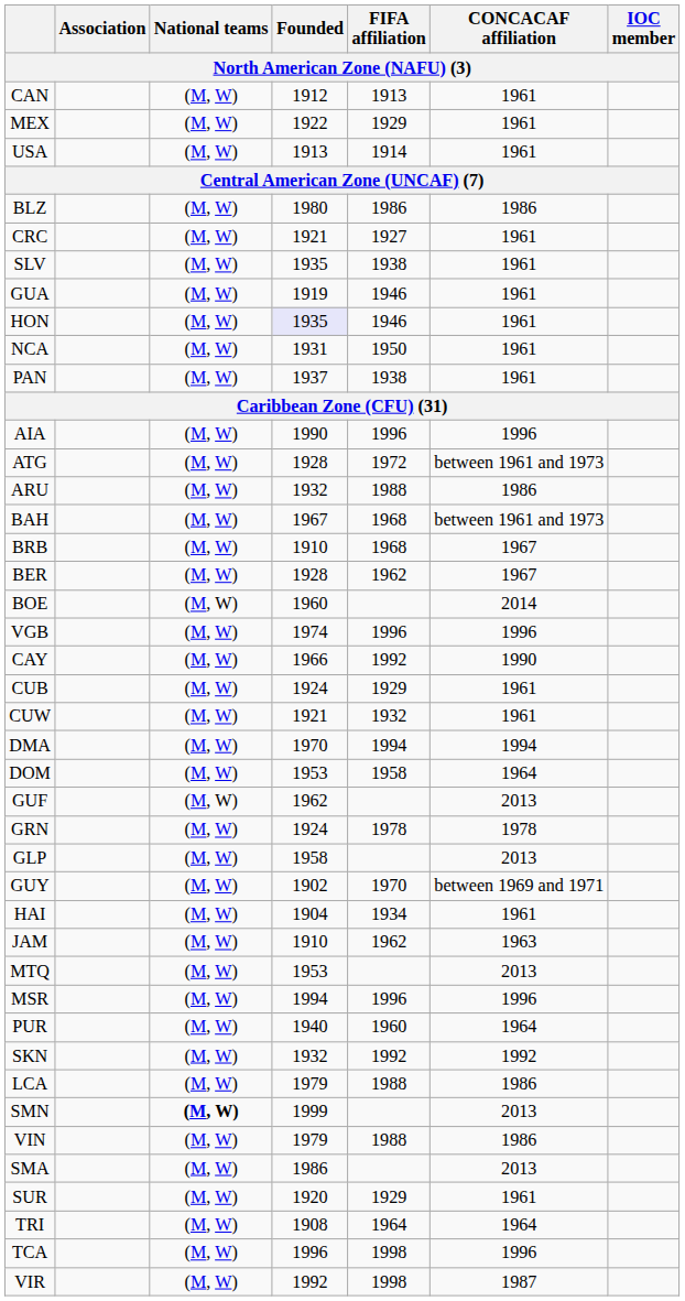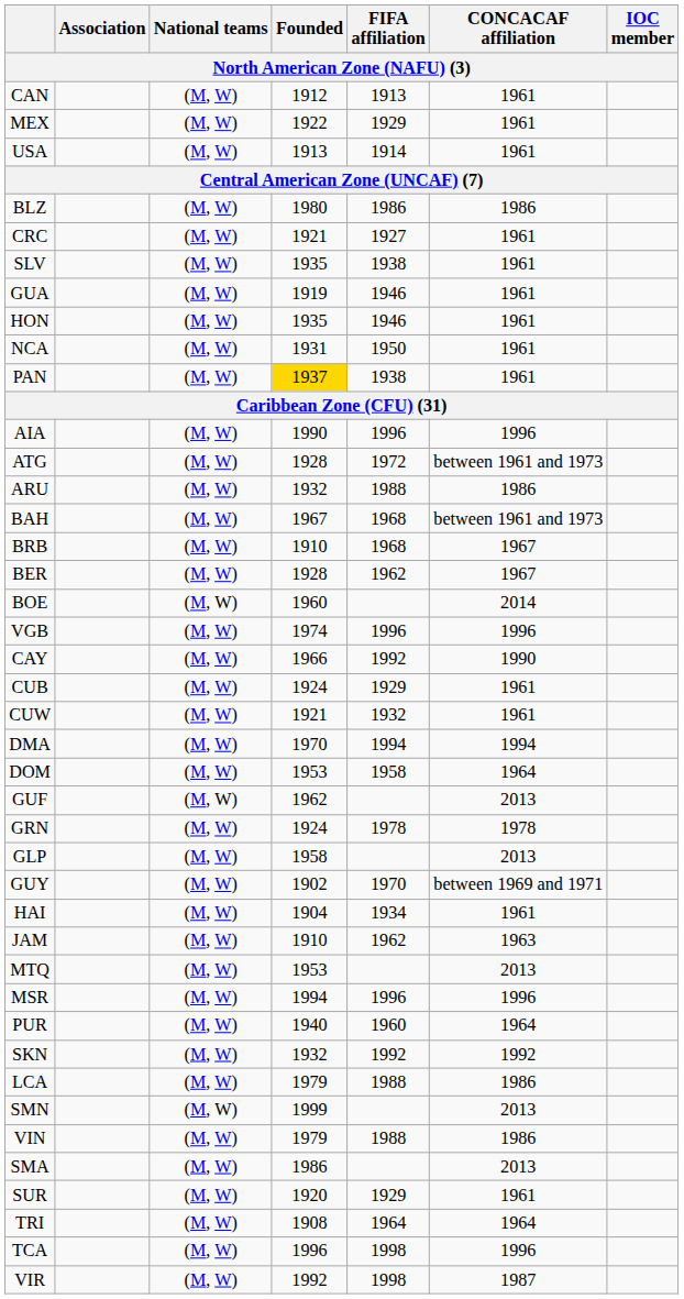 <table class="wikitable sortable" style="text-align:center;">
 <tr>
 <th><a href='#'></a></th>
 <th>Association</th>
 <th class="unsortable">National teams</th>
 <th>Founded</th>
 <th>FIFA <br> affiliation</th>
 <th>CONCACAF <br> affiliation</th>
 <th><a href='#'>IOC</a> <br> member</th>
 </tr>
 <tr>
 <th colspan="8"><a href='#'>North American Zone (NAFU)</a> (3)</th>
 </tr>
 <tr>
 <td>CAN</td>
 <td style="text-align:left;"></td>
 <td>(<a href='#'>M</a>, <a href='#'>W</a>)</td>
 <td>1912</td>
 <td>1913</td>
 <td>1961</td>
 <td></td>
 </tr>
 <tr>
 <td>MEX</td>
 <td style="text-align:left;"></td>
 <td>(<a href='#'>M</a>, <a href='#'>W</a>)</td>
 <td>1922</td>
 <td>1929</td>
 <td>1961</td>
 <td></td>
 </tr>
 <tr>
 <td>USA</td>
 <td style="text-align:left;"></td>
 <td>(<a href='#'>M</a>, <a href='#'>W</a>)</td>
 <td>1913</td>
 <td>1914</td>
 <td>1961</td>
 <td></td>
 </tr>
 <tr>
 <th colspan="8"><a href='#'>Central American Zone (UNCAF)</a> (7)</th>
 </tr>
 <tr>
 <td>BLZ</td>
 <td style="text-align:left;"></td>
 <td>(<a href='#'>M</a>, <a href='#'>W</a>)</td>
 <td>1980</td>
 <td>1986</td>
 <td>1986</td>
 <td></td>
 </tr>
 <tr>
 <td>CRC</td>
 <td style="text-align:left;"></td>
 <td>(<a href='#'>M</a>, <a href='#'>W</a>)</td>
 <td>1921</td>
 <td>1927</td>
 <td>1961</td>
 <td></td>
 </tr>
 <tr>
 <td>SLV</td>
 <td style="text-align:left;"></td>
 <td>(<a href='#'>M</a>, <a href='#'>W</a>)</td>
 <td>1935</td>
 <td>1938</td>
 <td>1961</td>
 <td></td>
 </tr>
 <tr>
 <td>GUA</td>
 <td style="text-align:left;"></td>
 <td>(<a href='#'>M</a>, <a href='#'>W</a>)</td>
 <td>1919</td>
 <td>1946</td>
 <td>1961</td>
 <td></td>
 </tr>
 <tr>
 <td>HON</td>
 <td style="text-align:left;"></td>
 <td>(<a href='#'>M</a>, <a href='#'>W</a>)</td>
-<td style="background: lavender;">1935</td>
+<td>1935</td>
 <td>1946</td>
 <td>1961</td>
 <td></td>
 </tr>
 <tr>
 <td>NCA</td>
 <td style="text-align:left;"></td>
 <td>(<a href='#'>M</a>, <a href='#'>W</a>)</td>
 <td>1931</td>
 <td>1950</td>
 <td>1961</td>
 <td></td>
 </tr>
 <tr>
 <td>PAN</td>
 <td style="text-align:left;"></td>
 <td>(<a href='#'>M</a>, <a href='#'>W</a>)</td>
-<td>1937</td>
+<td style="background: gold;">1937</td>
 <td>1938</td>
 <td>1961</td>
 <td></td>
 </tr>
 <tr>
 <th colspan="8"><a href='#'>Caribbean Zone (CFU)</a> (31)</th>
 </tr>
 <tr>
 <td>AIA</td>
 <td style="text-align:left;"></td>
 <td>(<a href='#'>M</a>, <a href='#'>W</a>)</td>
 <td>1990</td>
 <td>1996</td>
 <td>1996</td>
 <td></td>
 </tr>
 <tr>
 <td>ATG</td>
 <td style="text-align:left;"></td>
 <td>(<a href='#'>M</a>, <a href='#'>W</a>)</td>
 <td>1928</td>
 <td>1972</td>
 <td>between 1961 and 1973</td>
 <td></td>
 </tr>
 <tr>
 <td>ARU</td>
 <td style="text-align:left;"></td>
 <td>(<a href='#'>M</a>, <a href='#'>W</a>)</td>
 <td>1932</td>
 <td>1988</td>
 <td>1986</td>
 <td></td>
 </tr>
 <tr>
 <td>BAH</td>
 <td style="text-align:left;"></td>
 <td>(<a href='#'>M</a>, <a href='#'>W</a>)</td>
 <td>1967</td>
 <td>1968</td>
 <td>between 1961 and 1973</td>
 <td></td>
 </tr>
 <tr>
 <td>BRB</td>
 <td style="text-align:left;"></td>
 <td>(<a href='#'>M</a>, <a href='#'>W</a>)</td>
 <td>1910</td>
 <td>1968</td>
 <td>1967</td>
 <td></td>
 </tr>
 <tr>
 <td>BER</td>
 <td style="text-align:left;"></td>
 <td>(<a href='#'>M</a>, <a href='#'>W</a>)</td>
 <td>1928</td>
 <td>1962</td>
 <td>1967</td>
 <td></td>
 </tr>
 <tr>
 <td>BOE</td>
 <td style="text-align:left;"></td>
 <td>(<a href='#'>M</a>, W)</td>
 <td>1960</td>
 <td></td>
 <td>2014</td>
 <td></td>
 </tr>
 <tr>
 <td>VGB</td>
 <td style="text-align:left;"></td>
 <td>(<a href='#'>M</a>, <a href='#'>W</a>)</td>
 <td>1974</td>
 <td>1996</td>
 <td>1996</td>
 <td></td>
 </tr>
 <tr>
 <td>CAY</td>
 <td style="text-align:left;"></td>
 <td>(<a href='#'>M</a>, <a href='#'>W</a>)</td>
 <td>1966</td>
 <td>1992</td>
 <td>1990</td>
 <td></td>
 </tr>
 <tr>
 <td>CUB</td>
 <td style="text-align:left;"></td>
 <td>(<a href='#'>M</a>, <a href='#'>W</a>)</td>
 <td>1924</td>
 <td>1929</td>
 <td>1961</td>
 <td></td>
 </tr>
 <tr>
 <td>CUW</td>
 <td style="text-align:left;"></td>
 <td>(<a href='#'>M</a>, <a href='#'>W</a>)</td>
 <td>1921</td>
 <td>1932</td>
 <td>1961</td>
 <td></td>
 </tr>
 <tr>
 <td>DMA</td>
 <td style="text-align:left;"></td>
 <td>(<a href='#'>M</a>, <a href='#'>W</a>)</td>
 <td>1970</td>
 <td>1994</td>
 <td>1994</td>
 <td></td>
 </tr>
 <tr>
 <td>DOM</td>
 <td style="text-align:left;"></td>
 <td>(<a href='#'>M</a>, <a href='#'>W</a>)</td>
 <td>1953</td>
 <td>1958</td>
 <td>1964</td>
 <td></td>
 </tr>
 <tr>
 <td>GUF</td>
 <td style="text-align:left;"></td>
 <td>(<a href='#'>M</a>, W)</td>
 <td>1962</td>
 <td></td>
 <td>2013</td>
 <td></td>
 </tr>
 <tr>
 <td>GRN</td>
 <td style="text-align:left;"></td>
 <td>(<a href='#'>M</a>, <a href='#'>W</a>)</td>
 <td>1924</td>
 <td>1978</td>
 <td>1978</td>
 <td></td>
 </tr>
 <tr>
 <td>GLP</td>
 <td style="text-align:left;"></td>
 <td>(<a href='#'>M</a>, <a href='#'>W</a>)</td>
 <td>1958</td>
 <td></td>
 <td>2013</td>
 <td></td>
 </tr>
 <tr>
 <td>GUY</td>
 <td style="text-align:left;"></td>
 <td>(<a href='#'>M</a>, <a href='#'>W</a>)</td>
 <td>1902</td>
 <td>1970</td>
 <td>between 1969 and 1971</td>
 <td></td>
 </tr>
 <tr>
 <td>HAI</td>
 <td style="text-align:left;"></td>
 <td>(<a href='#'>M</a>, <a href='#'>W</a>)</td>
 <td>1904</td>
 <td>1934</td>
 <td>1961</td>
 <td></td>
 </tr>
 <tr>
 <td>JAM</td>
 <td style="text-align:left;"></td>
 <td>(<a href='#'>M</a>, <a href='#'>W</a>)</td>
 <td>1910</td>
 <td>1962</td>
 <td>1963</td>
 <td></td>
 </tr>
 <tr>
 <td>MTQ</td>
 <td style="text-align:left;"></td>
 <td>(<a href='#'>M</a>, <a href='#'>W</a>)</td>
 <td>1953</td>
 <td></td>
 <td>2013</td>
 <td></td>
 </tr>
 <tr>
 <td>MSR</td>
 <td style="text-align:left;"></td>
 <td>(<a href='#'>M</a>, <a href='#'>W</a>)</td>
 <td>1994</td>
 <td>1996</td>
 <td>1996</td>
 <td></td>
 </tr>
 <tr>
 <td>PUR</td>
 <td style="text-align:left;"></td>
 <td>(<a href='#'>M</a>, <a href='#'>W</a>)</td>
 <td>1940</td>
 <td>1960</td>
 <td>1964</td>
 <td></td>
 </tr>
 <tr>
 <td>SKN</td>
 <td style="text-align:left;"></td>
 <td>(<a href='#'>M</a>, <a href='#'>W</a>)</td>
 <td>1932</td>
 <td>1992</td>
 <td>1992</td>
 <td></td>
 </tr>
 <tr>
 <td>LCA</td>
 <td style="text-align:left;"></td>
 <td>(<a href='#'>M</a>, <a href='#'>W</a>)</td>
 <td>1979</td>
 <td>1988</td>
 <td>1986</td>
 <td></td>
 </tr>
 <tr>
 <td>SMN</td>
 <td style="text-align:left;"></td>
-<td><strong>(<a href='#'>M</a>, W)</strong></td>
+<td>(<a href='#'>M</a>, W)</td>
 <td>1999</td>
 <td></td>
 <td>2013</td>
 <td></td>
 </tr>
 <tr>
 <td>VIN</td>
 <td style="text-align:left;"></td>
 <td>(<a href='#'>M</a>, <a href='#'>W</a>)</td>
 <td>1979</td>
 <td>1988</td>
 <td>1986</td>
 <td></td>
 </tr>
 <tr>
 <td>SMA</td>
 <td style="text-align:left;"></td>
 <td>(<a href='#'>M</a>, <a href='#'>W</a>)</td>
 <td>1986</td>
 <td></td>
 <td>2013</td>
 <td></td>
 </tr>
 <tr>
 <td>SUR</td>
 <td style="text-align:left;"></td>
 <td>(<a href='#'>M</a>, <a href='#'>W</a>)</td>
 <td>1920</td>
 <td>1929</td>
 <td>1961</td>
 <td></td>
 </tr>
 <tr>
 <td>TRI</td>
 <td style="text-align:left;"></td>
 <td>(<a href='#'>M</a>, <a href='#'>W</a>)</td>
 <td>1908</td>
 <td>1964</td>
 <td>1964</td>
 <td></td>
 </tr>
 <tr>
 <td>TCA</td>
 <td style="text-align:left;"></td>
 <td>(<a href='#'>M</a>, <a href='#'>W</a>)</td>
 <td>1996</td>
 <td>1998</td>
 <td>1996</td>
 <td></td>
 </tr>
 <tr>
 <td>VIR</td>
 <td style="text-align:left;"></td>
 <td>(<a href='#'>M</a>, <a href='#'>W</a>)</td>
 <td>1992</td>
 <td>1998</td>
 <td>1987</td>
 <td></td>
 </tr>
 </table>
